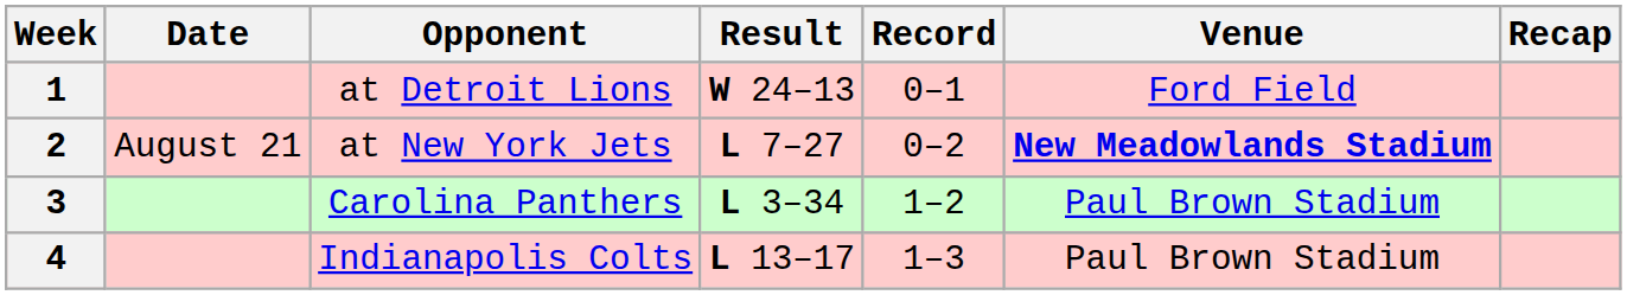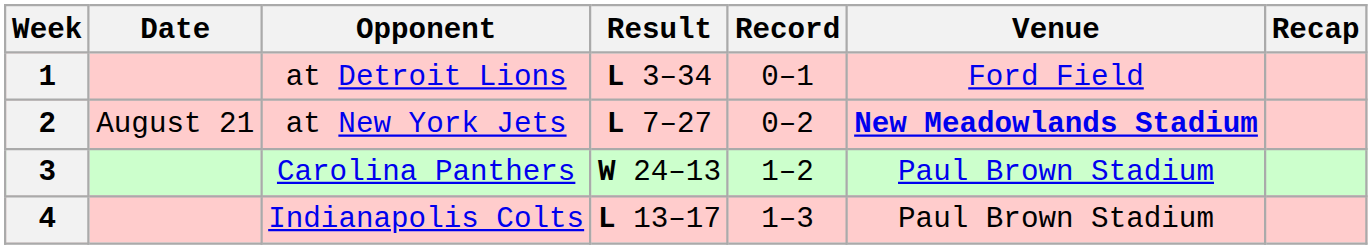 <table class="wikitable" style="text-align:center">
 <tr>
 <th>Week</th>
 <th>Date</th>
 <th>Opponent</th>
 <th>Result</th>
 <th>Record</th>
 <th>Venue</th>
 <th>Recap</th>
 </tr>
 <tr style="background:#fcc">
 <th>1</th>
 <td></td>
 <td>at <a href='#'>Detroit Lions</a></td>
-<td><strong>W</strong> 24–13</td>
+<td><strong>L</strong> 3–34</td>
 <td>0–1</td>
 <td><a href='#'>Ford Field</a></td>
 <td></td>
 </tr>
 <tr style="background:#fcc">
 <th>2</th>
 <td>August 21</td>
 <td>at <a href='#'>New York Jets</a></td>
 <td><strong>L</strong> 7–27</td>
 <td>0–2</td>
 <td><strong><a href='#'>New Meadowlands Stadium</a></strong></td>
 <td></td>
 </tr>
 <tr style="background:#cfc">
 <th>3</th>
 <td></td>
 <td><a href='#'>Carolina Panthers</a></td>
-<td><strong>L</strong> 3–34</td>
+<td><strong>W</strong> 24–13</td>
 <td>1–2</td>
 <td><a href='#'>Paul Brown Stadium</a></td>
 <td></td>
 </tr>
 <tr style="background:#fcc">
 <th>4</th>
 <td></td>
 <td><a href='#'>Indianapolis Colts</a></td>
 <td><strong>L</strong> 13–17</td>
 <td>1–3</td>
 <td>Paul Brown Stadium</td>
 <td></td>
 </tr>
 </table>
